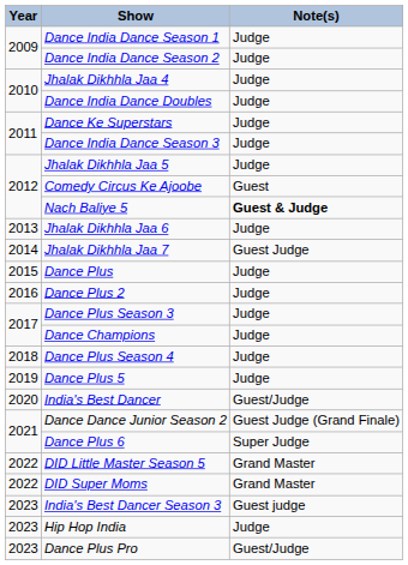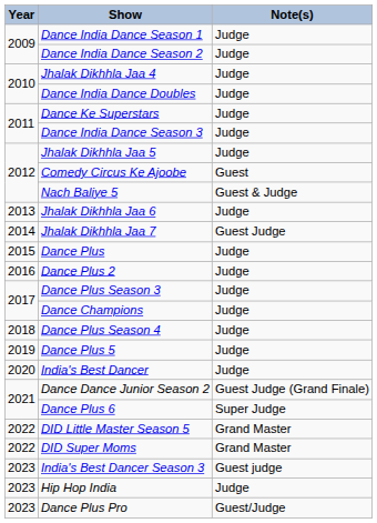 <table class="wikitable" styel="font-size:100%;">
 <tr>
 <th style="background:#B0C4DE;">Year</th>
 <th style="background:#B0C4DE;">Show</th>
 <th style="background:#B0C4DE;">Note(s)</th>
 </tr>
 <tr>
 <td rowspan="2">2009</td>
 <td><a href='#'><em>Dance India Dance Season 1</em></a></td>
 <td>Judge</td>
 </tr>
 <tr>
 <td><a href='#'><em>Dance India Dance Season 2</em></a></td>
 <td>Judge</td>
 </tr>
 <tr>
 <td rowspan="2">2010</td>
 <td><a href='#'><em>Jhalak Dikhhla Jaa 4</em></a></td>
 <td>Judge</td>
 </tr>
 <tr>
 <td><em><a href='#'>Dance India Dance Doubles</a></em></td>
 <td>Judge</td>
 </tr>
 <tr>
 <td rowspan="2">2011</td>
 <td><em><a href='#'>Dance Ke Superstars</a></em></td>
 <td>Judge</td>
 </tr>
 <tr>
 <td><a href='#'><em>Dance India Dance Season 3</em></a></td>
 <td>Judge</td>
 </tr>
 <tr>
 <td rowspan="3">2012</td>
 <td><em><a href='#'>Jhalak Dikhhla Jaa 5</a></em></td>
 <td>Judge</td>
 </tr>
 <tr>
 <td><em><a href='#'>Comedy Circus Ke Ajoobe</a></em></td>
 <td>Guest</td>
 </tr>
 <tr>
 <td><em><a href='#'>Nach Baliye 5</a></em></td>
-<td><strong>Guest & Judge</strong></td>
+<td>Guest & Judge</td>
 </tr>
 <tr>
 <td>2013</td>
 <td><em><a href='#'>Jhalak Dikhhla Jaa 6</a></em></td>
 <td>Judge</td>
 </tr>
 <tr>
 <td>2014</td>
 <td><em><a href='#'>Jhalak Dikhhla Jaa 7</a></em></td>
 <td>Guest Judge</td>
 </tr>
 <tr>
 <td>2015</td>
 <td><em><a href='#'>Dance Plus</a></em></td>
 <td>Judge</td>
 </tr>
 <tr>
 <td>2016</td>
 <td><em><a href='#'>Dance Plus 2</a></em></td>
 <td>Judge</td>
 </tr>
 <tr>
 <td rowspan="2">2017</td>
 <td><em><a href='#'>Dance Plus Season 3</a></em></td>
 <td>Judge</td>
 </tr>
 <tr>
 <td><em><a href='#'>Dance Champions</a></em></td>
 <td>Judge</td>
 </tr>
 <tr>
 <td>2018</td>
 <td><em><a href='#'>Dance Plus Season 4</a></em></td>
 <td>Judge</td>
 </tr>
 <tr>
 <td>2019</td>
 <td><em><a href='#'>Dance Plus 5</a></em></td>
 <td>Judge</td>
 </tr>
 <tr>
 <td>2020</td>
 <td><em><a href='#'>India's Best Dancer</a></em></td>
-<td>Guest/Judge</td>
+<td>Judge</td>
 </tr>
 <tr>
 <td rowspan="2">2021</td>
 <td><em>Dance Dance Junior Season 2</em></td>
 <td>Guest Judge (Grand Finale)</td>
 </tr>
 <tr>
 <td><a href='#'><em>Dance Plus 6</em></a></td>
 <td>Super Judge</td>
 </tr>
 <tr>
 <td>2022</td>
 <td><a href='#'><em>DID Little Master Season 5</em></a></td>
 <td>Grand Master</td>
 </tr>
 <tr>
 <td>2022</td>
 <td><em><a href='#'>DID Super Moms</a></em></td>
 <td>Grand Master</td>
 </tr>
 <tr>
 <td>2023</td>
 <td><em><a href='#'>India's Best Dancer Season 3</a></em></td>
 <td>Guest judge</td>
 </tr>
 <tr>
 <td>2023</td>
 <td><em>Hip Hop India</em></td>
 <td>Judge</td>
 </tr>
 <tr>
 <td>2023</td>
 <td><em>Dance Plus Pro</em></td>
 <td>Guest/Judge</td>
 </tr>
 </table>
